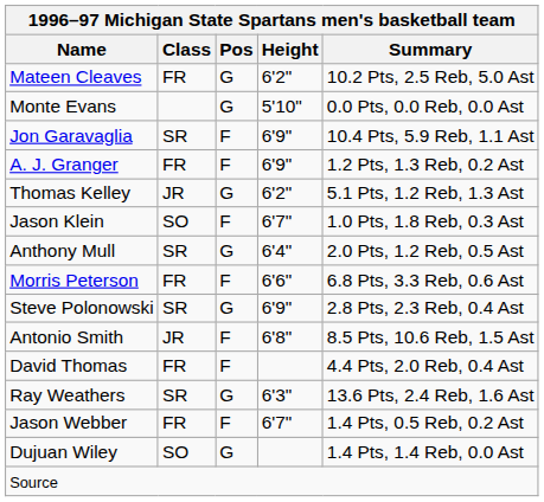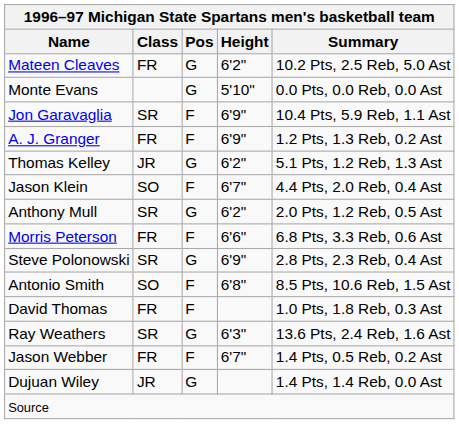 <table class="wikitable" style="font-size: 90%"|->
 <tr>
 <th colspan=9 style="background:#">1996–97 Michigan State Spartans men's basketball team</th>
 </tr>
 <tr>
 <th style="background:#">Name</th>
 <th style="background:#">Class</th>
 <th style="background:#">Pos</th>
 <th style="background:#">Height</th>
 <th style="background:#">Summary</th>
 </tr>
 <tr>
 <td><a href='#'>Mateen Cleaves</a></td>
 <td>FR</td>
 <td>G</td>
 <td>6'2"</td>
 <td>10.2 Pts, 2.5 Reb, 5.0 Ast</td>
 </tr>
 <tr>
 <td>Monte Evans</td>
 <td></td>
 <td>G</td>
 <td>5'10"</td>
 <td>0.0 Pts, 0.0 Reb, 0.0 Ast</td>
 </tr>
 <tr>
 <td><a href='#'>Jon Garavaglia</a></td>
 <td>SR</td>
 <td>F</td>
 <td>6'9"</td>
 <td>10.4 Pts, 5.9 Reb, 1.1 Ast</td>
 </tr>
 <tr>
 <td><a href='#'>A. J. Granger</a></td>
 <td>FR</td>
 <td>F</td>
 <td>6'9"</td>
 <td>1.2 Pts, 1.3 Reb, 0.2 Ast</td>
 </tr>
 <tr>
 <td>Thomas Kelley</td>
 <td>JR</td>
 <td>G</td>
 <td>6'2"</td>
 <td>5.1 Pts, 1.2 Reb, 1.3 Ast</td>
 </tr>
 <tr>
 <td>Jason Klein</td>
 <td>SO</td>
 <td>F</td>
 <td>6'7"</td>
-<td>1.0 Pts, 1.8 Reb, 0.3 Ast</td>
+<td>4.4 Pts, 2.0 Reb, 0.4 Ast</td>
 </tr>
 <tr>
 <td>Anthony Mull</td>
 <td>SR</td>
 <td>G</td>
-<td>6'4"</td>
+<td>6'2"</td>
 <td>2.0 Pts, 1.2 Reb, 0.5 Ast</td>
 </tr>
 <tr>
 <td><a href='#'>Morris Peterson</a></td>
 <td>FR</td>
 <td>F</td>
 <td>6'6"</td>
 <td>6.8 Pts, 3.3 Reb, 0.6 Ast</td>
 </tr>
 <tr>
 <td>Steve Polonowski</td>
 <td>SR</td>
 <td>G</td>
 <td>6'9"</td>
 <td>2.8 Pts, 2.3 Reb, 0.4 Ast</td>
 </tr>
 <tr>
 <td>Antonio Smith</td>
-<td>JR</td>
+<td>SO</td>
 <td>F</td>
 <td>6'8"</td>
 <td>8.5 Pts, 10.6 Reb, 1.5 Ast</td>
 </tr>
 <tr>
 <td>David Thomas</td>
 <td>FR</td>
 <td>F</td>
 <td></td>
-<td>4.4 Pts, 2.0 Reb, 0.4 Ast</td>
+<td>1.0 Pts, 1.8 Reb, 0.3 Ast</td>
 </tr>
 <tr>
 <td>Ray Weathers</td>
 <td>SR</td>
 <td>G</td>
 <td>6'3"</td>
 <td>13.6 Pts, 2.4 Reb, 1.6 Ast</td>
 </tr>
 <tr>
 <td>Jason Webber</td>
 <td>FR</td>
 <td>F</td>
 <td>6'7"</td>
 <td>1.4 Pts, 0.5 Reb, 0.2 Ast</td>
 </tr>
 <tr>
 <td>Dujuan Wiley</td>
-<td>SO</td>
+<td>JR</td>
 <td>G</td>
 <td></td>
 <td>1.4 Pts, 1.4 Reb, 0.0 Ast</td>
 </tr>
 <tr>
 <td colspan=9><small>Source </small></td>
 </tr>
 </table>
